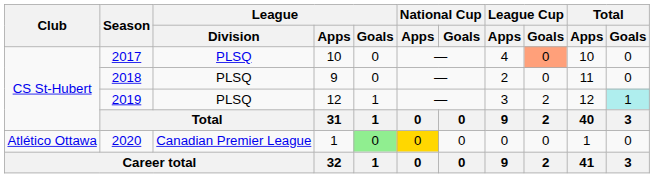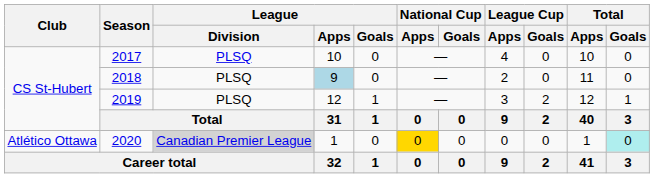 <table class="wikitable" style="text-align:center">
 <tr>
 <th rowspan="2">Club</th>
 <th rowspan="2">Season</th>
 <th colspan="3">League</th>
 <th colspan="2">National Cup</th>
 <th colspan="2">League Cup</th>
 <th colspan="2">Total</th>
 </tr>
 <tr>
 <th>Division</th>
 <th>Apps</th>
 <th>Goals</th>
 <th>Apps</th>
 <th>Goals</th>
 <th>Apps</th>
 <th>Goals</th>
 <th>Apps</th>
 <th>Goals</th>
 </tr>
 <tr>
 <td rowspan="4"><a href='#'>CS St-Hubert</a></td>
 <td><a href='#'>2017</a></td>
 <td><a href='#'>PLSQ</a></td>
 <td>10</td>
 <td>0</td>
 <td colspan="2">—</td>
 <td>4</td>
-<td style="background: lightsalmon;">0</td>
+<td>0</td>
 <td>10</td>
 <td>0</td>
 </tr>
 <tr>
 <td><a href='#'>2018</a></td>
 <td>PLSQ</td>
-<td>9</td>
+<td style="background: lightblue;">9</td>
 <td>0</td>
 <td colspan="2">—</td>
 <td>2</td>
 <td>0</td>
 <td>11</td>
 <td>0</td>
 </tr>
 <tr>
 <td><a href='#'>2019</a></td>
 <td>PLSQ</td>
 <td>12</td>
 <td>1</td>
 <td colspan="2">—</td>
 <td>3</td>
 <td>2</td>
 <td>12</td>
-<td style="background: paleturquoise;">1</td>
+<td>1</td>
 </tr>
 <tr>
 <th colspan="2">Total</th>
 <th>31</th>
 <th>1</th>
 <th>0</th>
 <th>0</th>
 <th>9</th>
 <th>2</th>
 <th>40</th>
 <th>3</th>
 </tr>
 <tr>
 <td rowspan="1"><a href='#'>Atlético Ottawa</a></td>
 <td><a href='#'>2020</a></td>
-<td><a href='#'>Canadian Premier League</a></td>
+<td style="background: lightgrey;"><a href='#'>Canadian Premier League</a></td>
 <td>1</td>
-<td style="background: lightgreen;">0</td>
+<td>0</td>
 <td style="background: gold;">0</td>
 <td>0</td>
 <td>0</td>
 <td>0</td>
 <td>1</td>
-<td>0</td>
+<td style="background: paleturquoise;">0</td>
 </tr>
 <tr>
 <th colspan="3">Career total</th>
 <th>32</th>
 <th>1</th>
 <th>0</th>
 <th>0</th>
 <th>9</th>
 <th>2</th>
 <th>41</th>
 <th>3</th>
 </tr>
 </table>
